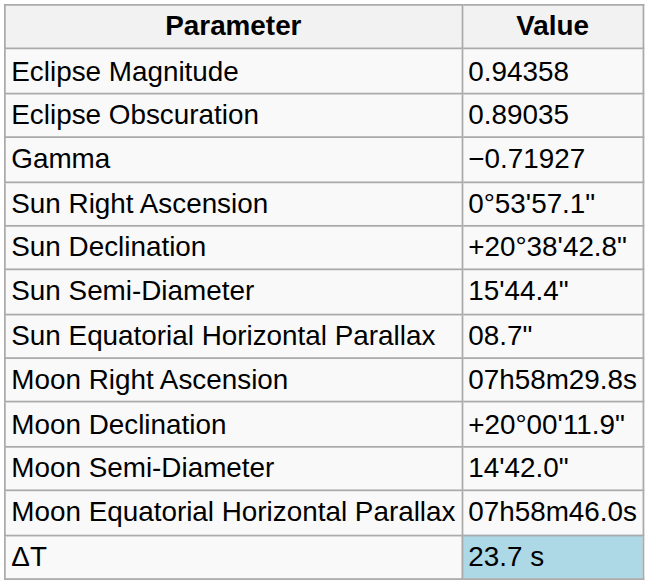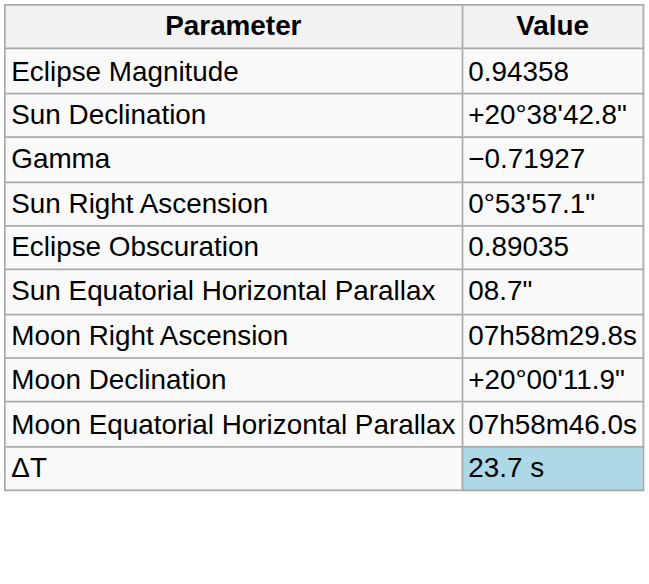 <table class="wikitable">
 <tr>
 <th>Parameter</th>
 <th>Value</th>
 </tr>
 <tr>
 <td>Eclipse Magnitude</td>
 <td>0.94358</td>
 </tr>
 <tr>
-<td>Eclipse Obscuration</td>
-<td>0.89035</td>
+<td>Sun Declination</td>
+<td>+20°38'42.8"</td>
 </tr>
 <tr>
 <td>Gamma</td>
 <td>−0.71927</td>
 </tr>
 <tr>
 <td>Sun Right Ascension</td>
 <td>0°53'57.1"</td>
 </tr>
 <tr>
-<td>Sun Declination</td>
-<td>+20°38'42.8"</td>
-</tr>
-<tr>
-<td>Sun Semi-Diameter</td>
-<td>15'44.4"</td>
+<td>Eclipse Obscuration</td>
+<td>0.89035</td>
 </tr>
 <tr>
 <td>Sun Equatorial Horizontal Parallax</td>
 <td>08.7"</td>
 </tr>
 <tr>
 <td>Moon Right Ascension</td>
 <td>07h58m29.8s</td>
 </tr>
 <tr>
 <td>Moon Declination</td>
 <td>+20°00'11.9"</td>
 </tr>
 <tr>
-<td>Moon Semi-Diameter</td>
-<td>14'42.0"</td>
-</tr>
-<tr>
 <td>Moon Equatorial Horizontal Parallax</td>
 <td>07h58m46.0s</td>
 </tr>
 <tr>
 <td>ΔT</td>
 <td style="background: lightblue;">23.7 s</td>
 </tr>
 </table>
